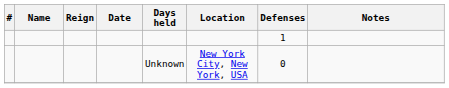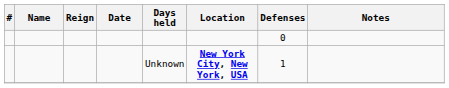 <table class="wikitable sortable" width=98% style="text-align:center;">
 <tr>
 <th width=0%>#</th>
 <th width=14%>Name</th>
 <th width=0%>Reign</th>
 <th width=13%>Date</th>
 <th width=5%>Days<br>held</th>
 <th width=19%>Location</th>
 <th width=5%>Defenses</th>
 <th width=44% class="unsortable">Notes</th>
 </tr>
 <tr>
 <td></td>
 <td></td>
 <td></td>
 <td></td>
 <td></td>
 <td></td>
-<td>1</td>
+<td>0</td>
 <td align=left></td>
 </tr>
 <tr>
 <td></td>
 <td></td>
 <td></td>
 <td></td>
 <td>Unknown</td>
-<td><a href='#'>New York City</a>, <a href='#'>New York</a>, <a href='#'>USA</a></td>
-<td>0</td>
+<td><strong><a href='#'>New York City</a>, <a href='#'>New York</a>, <a href='#'>USA</a></strong></td>
+<td>1</td>
 <td align=left></td>
 </tr>
 <tr>
 </tr>
 </table>
